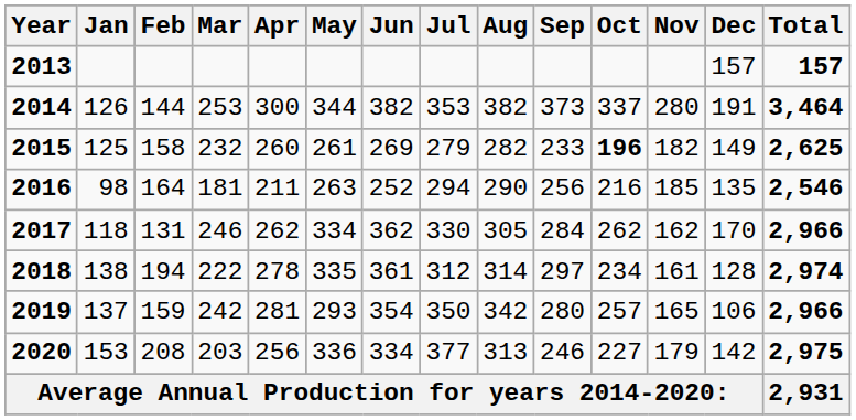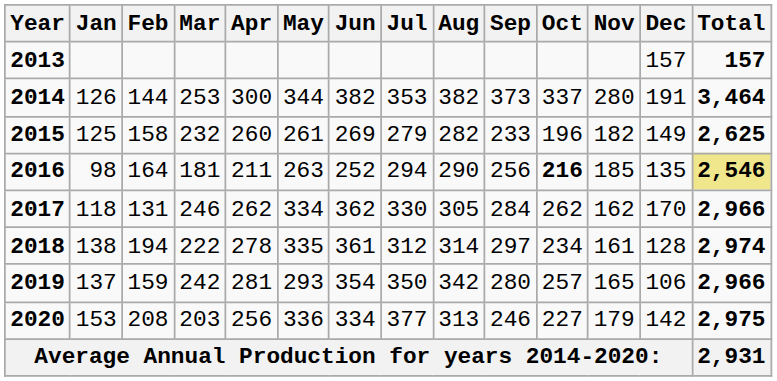 <table class=wikitable>
 <tr>
 <th>Year</th>
 <th>Jan</th>
 <th>Feb</th>
 <th>Mar</th>
 <th>Apr</th>
 <th>May</th>
 <th>Jun</th>
 <th>Jul</th>
 <th>Aug</th>
 <th>Sep</th>
 <th>Oct</th>
 <th>Nov</th>
 <th>Dec</th>
 <th>Total</th>
 </tr>
 <tr align=right>
 <td><strong>2013</strong></td>
 <td></td>
 <td></td>
 <td></td>
 <td></td>
 <td></td>
 <td></td>
 <td></td>
 <td></td>
 <td></td>
 <td></td>
 <td></td>
 <td>157</td>
 <td><strong>157</strong></td>
 </tr>
 <tr align=right>
 <td><strong>2014</strong></td>
 <td>126</td>
 <td>144</td>
 <td>253</td>
 <td>300</td>
 <td>344</td>
 <td>382</td>
 <td>353</td>
 <td>382</td>
 <td>373</td>
 <td>337</td>
 <td>280</td>
 <td>191</td>
 <td><strong>3,464</strong></td>
 </tr>
 <tr align=right>
 <td><strong>2015</strong></td>
 <td>125</td>
 <td>158</td>
 <td>232</td>
 <td>260</td>
 <td>261</td>
 <td>269</td>
 <td>279</td>
 <td>282</td>
 <td>233</td>
-<td><strong>196</strong></td>
+<td>196</td>
 <td>182</td>
 <td>149</td>
 <td><strong>2,625</strong></td>
 </tr>
 <tr align=right>
 <td><strong>2016</strong></td>
 <td>98</td>
 <td>164</td>
 <td>181</td>
 <td>211</td>
 <td>263</td>
 <td>252</td>
 <td>294</td>
 <td>290</td>
 <td>256</td>
-<td>216</td>
+<td><strong>216</strong></td>
 <td>185</td>
 <td>135</td>
-<td><strong>2,546</strong></td>
+<td style="background: khaki;"><strong>2,546</strong></td>
 </tr>
 <tr align=right>
 <td><strong>2017</strong></td>
 <td>118</td>
 <td>131</td>
 <td>246</td>
 <td>262</td>
 <td>334</td>
 <td>362</td>
 <td>330</td>
 <td>305</td>
 <td>284</td>
 <td>262</td>
 <td>162</td>
 <td>170</td>
 <td><strong>2,966</strong></td>
 </tr>
 <tr align=right>
 <td><strong>2018</strong></td>
 <td>138</td>
 <td>194</td>
 <td>222</td>
 <td>278</td>
 <td>335</td>
 <td>361</td>
 <td>312</td>
 <td>314</td>
 <td>297</td>
 <td>234</td>
 <td>161</td>
 <td>128</td>
 <td><strong>2,974</strong></td>
 </tr>
 <tr align=right>
 <td><strong>2019</strong></td>
 <td>137</td>
 <td>159</td>
 <td>242</td>
 <td>281</td>
 <td>293</td>
 <td>354</td>
 <td>350</td>
 <td>342</td>
 <td>280</td>
 <td>257</td>
 <td>165</td>
 <td>106</td>
 <td><strong>2,966</strong></td>
 </tr>
 <tr align=right>
 <td><strong>2020</strong></td>
 <td>153</td>
 <td>208</td>
 <td>203</td>
 <td>256</td>
 <td>336</td>
 <td>334</td>
 <td>377</td>
 <td>313</td>
 <td>246</td>
 <td>227</td>
 <td>179</td>
 <td>142</td>
 <td><strong>2,975</strong></td>
 </tr>
 <tr align=right>
 <th colspan=13>Average Annual Production for years 2014-2020:</th>
 <th>2,931</th>
 </tr>
 </table>
